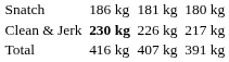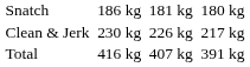 <table>
 <tr>
 <td>Snatch</td>
 <td></td>
 <td>186 kg</td>
 <td></td>
 <td>181 kg</td>
 <td></td>
 <td>180 kg</td>
 </tr>
 <tr>
 <td>Clean & Jerk</td>
 <td></td>
-<td><strong>230 kg</strong></td>
+<td>230 kg</td>
 <td></td>
 <td>226 kg</td>
 <td></td>
 <td>217 kg</td>
 </tr>
 <tr>
 <td>Total</td>
 <td></td>
 <td>416 kg</td>
 <td></td>
 <td>407 kg</td>
 <td></td>
 <td>391 kg</td>
 </tr>
 </table>
